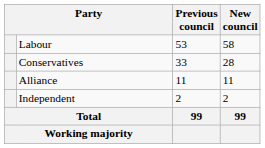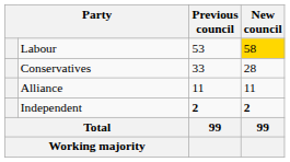 <table class="wikitable">
 <tr>
 <th valign=top colspan="2" style="width: 230px">Party</th>
 <th valign=top style="width: 30px">Previous council</th>
 <th valign=top style="width: 30px">New council</th>
 </tr>
 <tr>
 <th style="background-color: "></th>
 <td>Labour</td>
 <td>53</td>
-<td>58</td>
+<td style="background: gold;">58</td>
 </tr>
 <tr>
 <th style="background-color: "></th>
 <td>Conservatives</td>
 <td>33</td>
 <td>28</td>
 </tr>
 <tr>
 <th style="background-color: "></th>
 <td>Alliance</td>
 <td>11</td>
 <td>11</td>
 </tr>
 <tr>
 <th style="background-color: "></th>
 <td>Independent</td>
-<td>2</td>
-<td>2</td>
+<td><strong>2</strong></td>
+<td><strong>2</strong></td>
 </tr>
 <tr>
 <th colspan=2>Total</th>
 <th style="text-align: center">99</th>
 <th colspan=3>99</th>
 </tr>
 <tr>
 <th colspan=2>Working majority</th>
 <th></th>
 <th></th>
 </tr>
 </table>
